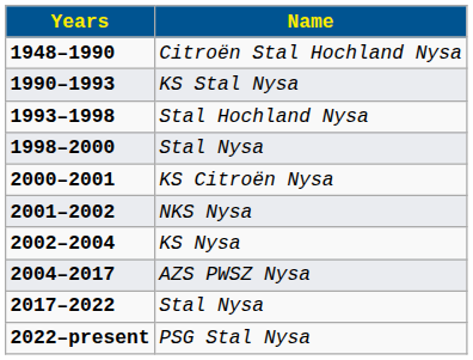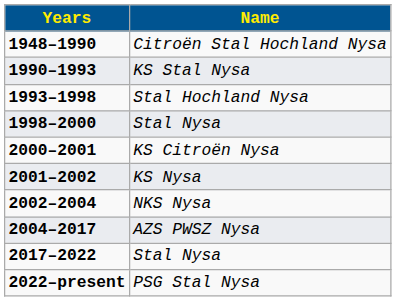 <table class="wikitable" style="font-size:100%">
 <tr>
 <th style="color:#FFEC00; background-color:#005491">Years</th>
 <th style="color:#FFEC00; background-color:#005491">Name</th>
 </tr>
 <tr>
 <td><strong>1948–1990</strong></td>
 <td><em>Citroën Stal Hochland Nysa</em></td>
 </tr>
 <tr style="background:#EAECF0">
 <td><strong>1990–1993</strong></td>
 <td><em>KS Stal Nysa</em></td>
 </tr>
 <tr>
 <td><strong>1993–1998</strong></td>
 <td><em>Stal Hochland Nysa</em></td>
 </tr>
 <tr style="background:#EAECF0">
 <td><strong>1998–2000</strong></td>
 <td><em>Stal Nysa</em></td>
 </tr>
 <tr>
 <td><strong>2000–2001</strong></td>
 <td><em>KS Citroën Nysa</em></td>
 </tr>
 <tr style="background:#EAECF0">
 <td><strong>2001–2002</strong></td>
-<td><em>NKS Nysa</em></td>
+<td><em>KS Nysa</em></td>
 </tr>
 <tr>
 <td><strong>2002–2004</strong></td>
-<td><em>KS Nysa</em></td>
+<td><em>NKS Nysa</em></td>
 </tr>
 <tr style="background:#EAECF0">
 <td><strong>2004–2017</strong></td>
 <td><em>AZS PWSZ Nysa</em></td>
 </tr>
 <tr>
 <td><strong>2017–2022</strong></td>
 <td><em>Stal Nysa</em></td>
 </tr>
 <tr>
 <td><strong>2022–present</strong></td>
 <td><em>PSG Stal Nysa</em></td>
 </tr>
 </table>
